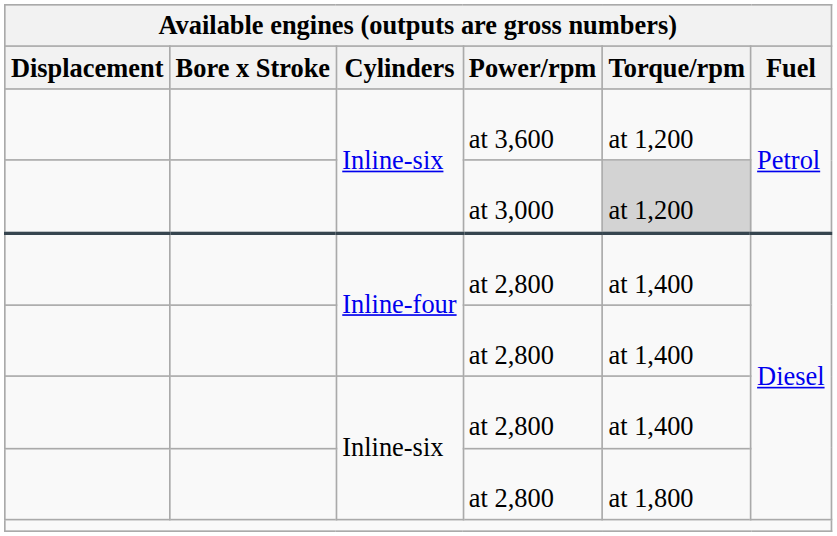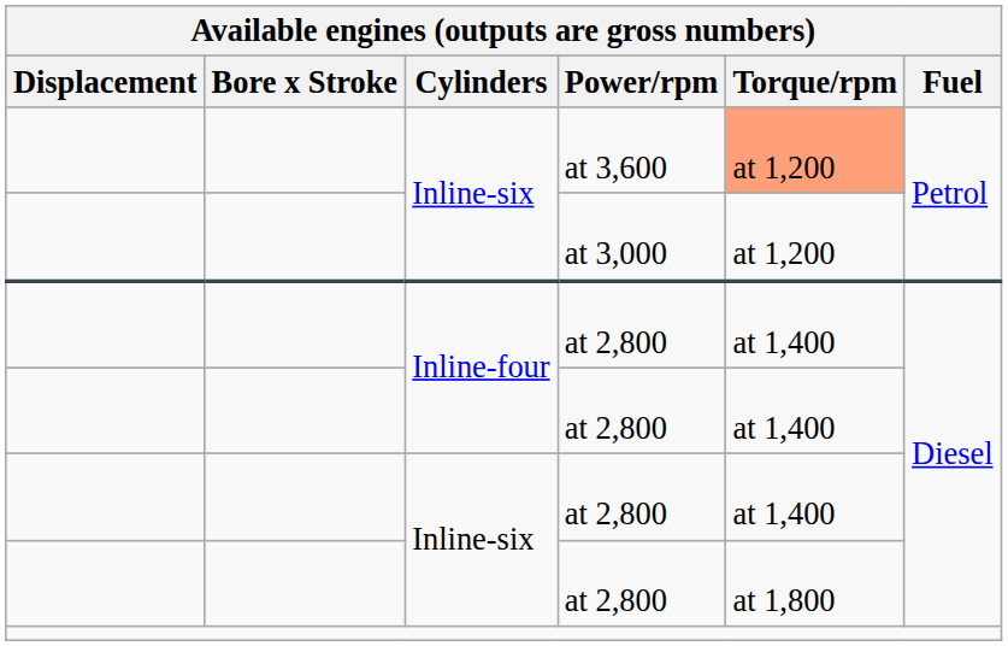 <table class="wikitable">
 <tr>
 <th colspan="6">Available engines (outputs are gross numbers)</th>
 </tr>
 <tr>
 <th>Displacement</th>
 <th>Bore x Stroke</th>
 <th>Cylinders</th>
 <th>Power/rpm</th>
 <th>Torque/rpm</th>
 <th>Fuel</th>
 </tr>
 <tr>
 <td></td>
 <td></td>
 <td rowspan="2" style="border-bottom: 2px solid #36454F;"><a href='#'>Inline-six</a></td>
 <td><br>at 3,600</td>
-<td><br>at 1,200</td>
+<td style="background: lightsalmon;"><br>at 1,200</td>
 <td rowspan="2" style="border-bottom: 2px solid #36454F;"><a href='#'>Petrol</a></td>
 </tr>
 <tr>
 <td style="border-bottom: 2px solid #36454F;"></td>
 <td style="border-bottom: 2px solid #36454F;"></td>
 <td style="border-bottom: 2px solid #36454F;"><br>at 3,000</td>
-<td style="background: lightgrey; border-bottom: 2px solid #36454F;"><br>at 1,200</td>
+<td style="border-bottom: 2px solid #36454F;"><br>at 1,200</td>
 </tr>
 <tr>
 <td></td>
 <td></td>
 <td rowspan="2"><a href='#'>Inline-four</a></td>
 <td><br>at 2,800</td>
 <td><br>at 1,400</td>
 <td rowspan="4"><a href='#'>Diesel</a></td>
 </tr>
 <tr>
 <td></td>
 <td></td>
 <td><br>at 2,800</td>
 <td><br>at 1,400</td>
 </tr>
 <tr>
 <td></td>
 <td></td>
 <td rowspan="2">Inline-six</td>
 <td><br>at 2,800</td>
 <td><br>at 1,400</td>
 </tr>
 <tr>
 <td></td>
 <td></td>
 <td><br>at 2,800</td>
 <td><br>at 1,800</td>
 </tr>
 <tr>
 <td colspan="6"></td>
 </tr>
 </table>
